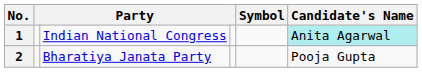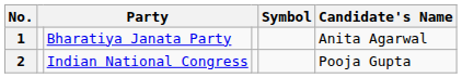 <table class="wikitable sortable">
 <tr>
 <th>No.</th>
 <th colspan="3">Party</th>
 <th>Symbol</th>
 <th>Candidate's Name</th>
 </tr>
 <tr>
 <th>1</th>
 <td style="background:"></td>
-<td><a href='#'>Indian National Congress</a></td>
+<td><a href='#'>Bharatiya Janata Party</a></td>
 <td></td>
 <td></td>
-<td style="background: paleturquoise;">Anita Agarwal</td>
+<td>Anita Agarwal</td>
 </tr>
 <tr>
 <th>2</th>
 <td style="background:"></td>
-<td><a href='#'>Bharatiya Janata Party</a></td>
+<td><a href='#'>Indian National Congress</a></td>
 <td></td>
 <td></td>
 <td>Pooja Gupta</td>
 </tr>
 </table>
